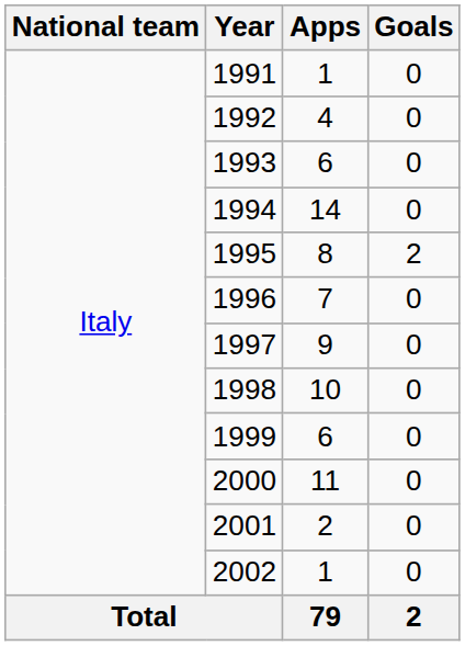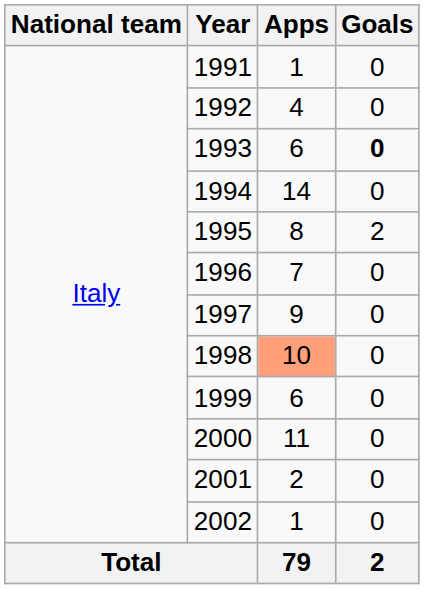 <table class="wikitable" style="text-align:center">
 <tr>
 <th>National team</th>
 <th>Year</th>
 <th>Apps</th>
 <th>Goals</th>
 </tr>
 <tr>
 <td rowspan="12"><a href='#'>Italy</a></td>
 <td>1991</td>
 <td>1</td>
 <td>0</td>
 </tr>
 <tr>
 <td>1992</td>
 <td>4</td>
 <td>0</td>
 </tr>
 <tr>
 <td>1993</td>
 <td>6</td>
-<td>0</td>
+<td><strong>0</strong></td>
 </tr>
 <tr>
 <td>1994</td>
 <td>14</td>
 <td>0</td>
 </tr>
 <tr>
 <td>1995</td>
 <td>8</td>
 <td>2</td>
 </tr>
 <tr>
 <td>1996</td>
 <td>7</td>
 <td>0</td>
 </tr>
 <tr>
 <td>1997</td>
 <td>9</td>
 <td>0</td>
 </tr>
 <tr>
 <td>1998</td>
-<td>10</td>
+<td style="background: lightsalmon;">10</td>
 <td>0</td>
 </tr>
 <tr>
 <td>1999</td>
 <td>6</td>
 <td>0</td>
 </tr>
 <tr>
 <td>2000</td>
 <td>11</td>
 <td>0</td>
 </tr>
 <tr>
 <td>2001</td>
 <td>2</td>
 <td>0</td>
 </tr>
 <tr>
 <td>2002</td>
 <td>1</td>
 <td>0</td>
 </tr>
 <tr>
 <th colspan="2">Total</th>
 <th>79</th>
 <th>2</th>
 </tr>
 </table>
